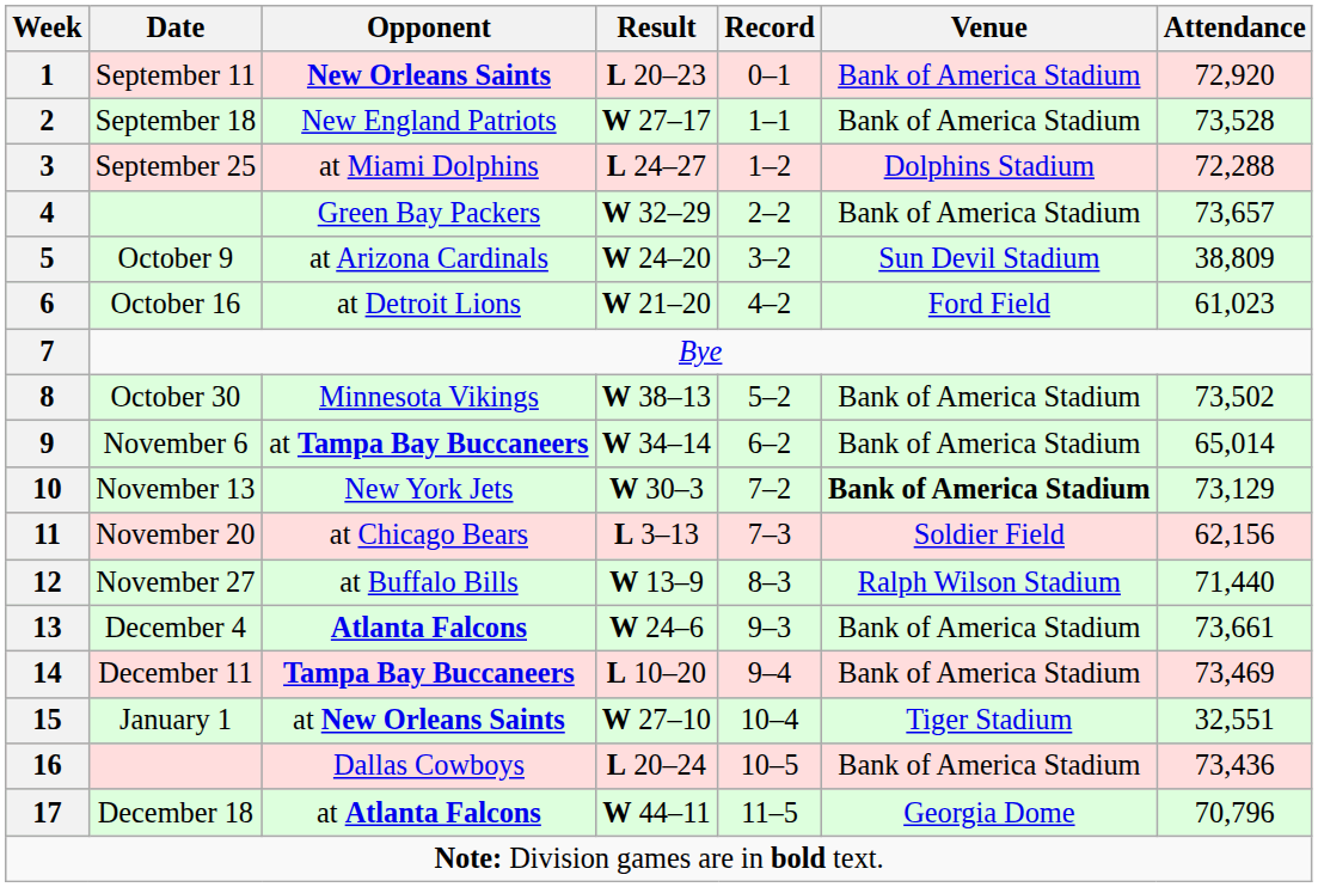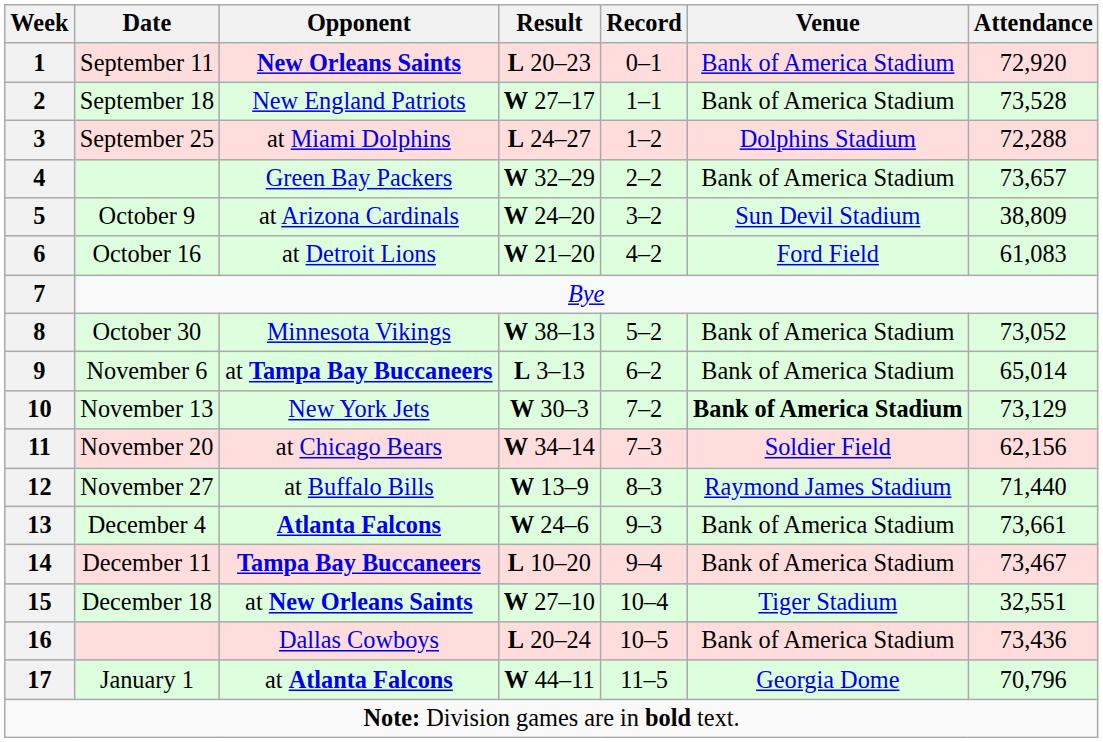 <table class="wikitable" style="text-align:center">
 <tr>
 <th>Week</th>
 <th>Date</th>
 <th>Opponent</th>
 <th>Result</th>
 <th>Record</th>
 <th>Venue</th>
 <th>Attendance</th>
 </tr>
 <tr bgcolor="#FFDDDD">
 <th>1</th>
 <td>September 11</td>
 <td><strong><a href='#'>New Orleans Saints</a></strong></td>
 <td><strong>L</strong> 20–23</td>
 <td>0–1</td>
 <td><a href='#'>Bank of America Stadium</a></td>
 <td>72,920</td>
 </tr>
 <tr bgcolor="#DDFFDD">
 <th>2</th>
 <td>September 18</td>
 <td><a href='#'>New England Patriots</a></td>
 <td><strong>W</strong> 27–17</td>
 <td>1–1</td>
 <td>Bank of America Stadium</td>
 <td>73,528</td>
 </tr>
 <tr bgcolor="#FFDDDD">
 <th>3</th>
 <td>September 25</td>
 <td>at <a href='#'>Miami Dolphins</a></td>
 <td><strong>L</strong> 24–27</td>
 <td>1–2</td>
 <td><a href='#'>Dolphins Stadium</a></td>
 <td>72,288</td>
 </tr>
 <tr bgcolor="#DDFFDD">
 <th>4</th>
 <td></td>
 <td><a href='#'>Green Bay Packers</a></td>
 <td><strong>W</strong> 32–29</td>
 <td>2–2</td>
 <td>Bank of America Stadium</td>
 <td>73,657</td>
 </tr>
 <tr bgcolor="#DDFFDD">
 <th>5</th>
 <td>October 9</td>
 <td>at <a href='#'>Arizona Cardinals</a></td>
 <td><strong>W</strong> 24–20</td>
 <td>3–2</td>
 <td><a href='#'>Sun Devil Stadium</a></td>
 <td>38,809</td>
 </tr>
 <tr bgcolor="#DDFFDD">
 <th>6</th>
 <td>October 16</td>
 <td>at <a href='#'>Detroit Lions</a></td>
 <td><strong>W</strong> 21–20</td>
 <td>4–2</td>
 <td><a href='#'>Ford Field</a></td>
-<td>61,023</td>
+<td>61,083</td>
 </tr>
 <tr>
 <th>7</th>
 <td colspan="6"><em><a href='#'>Bye</a></em></td>
 </tr>
 <tr bgcolor="#DDFFDD">
 <th>8</th>
 <td>October 30</td>
 <td><a href='#'>Minnesota Vikings</a></td>
 <td><strong>W</strong> 38–13</td>
 <td>5–2</td>
 <td>Bank of America Stadium</td>
-<td>73,502</td>
+<td>73,052</td>
 </tr>
 <tr bgcolor="#DDFFDD">
 <th>9</th>
 <td>November 6</td>
 <td>at <strong><a href='#'>Tampa Bay Buccaneers</a></strong></td>
-<td><strong>W</strong> 34–14</td>
+<td><strong>L</strong> 3–13</td>
 <td>6–2</td>
 <td>Bank of America Stadium</td>
 <td>65,014</td>
 </tr>
 <tr bgcolor="#DDFFDD">
 <th>10</th>
 <td>November 13</td>
 <td><a href='#'>New York Jets</a></td>
 <td><strong>W</strong> 30–3</td>
 <td>7–2</td>
 <td><strong>Bank of America Stadium</strong></td>
 <td>73,129</td>
 </tr>
 <tr bgcolor="#FFDDDD">
 <th>11</th>
 <td>November 20</td>
 <td>at <a href='#'>Chicago Bears</a></td>
-<td><strong>L</strong> 3–13</td>
+<td><strong>W</strong> 34–14</td>
 <td>7–3</td>
 <td><a href='#'>Soldier Field</a></td>
 <td>62,156</td>
 </tr>
 <tr bgcolor="#DDFFDD">
 <th>12</th>
 <td>November 27</td>
 <td>at <a href='#'>Buffalo Bills</a></td>
 <td><strong>W</strong> 13–9</td>
 <td>8–3</td>
-<td><a href='#'>Ralph Wilson Stadium</a></td>
+<td><a href='#'>Raymond James Stadium</a></td>
 <td>71,440</td>
 </tr>
 <tr bgcolor="#DDFFDD">
 <th>13</th>
 <td>December 4</td>
 <td><strong><a href='#'>Atlanta Falcons</a></strong></td>
 <td><strong>W</strong> 24–6</td>
 <td>9–3</td>
 <td>Bank of America Stadium</td>
 <td>73,661</td>
 </tr>
 <tr bgcolor="#FFDDDD">
 <th>14</th>
 <td>December 11</td>
 <td><strong><a href='#'>Tampa Bay Buccaneers</a></strong></td>
 <td><strong>L</strong> 10–20</td>
 <td>9–4</td>
 <td>Bank of America Stadium</td>
-<td>73,469</td>
+<td>73,467</td>
 </tr>
 <tr bgcolor="#DDFFDD">
 <th>15</th>
-<td>January 1</td>
+<td>December 18</td>
 <td>at <strong><a href='#'>New Orleans Saints</a></strong></td>
 <td><strong>W</strong> 27–10</td>
 <td>10–4</td>
 <td><a href='#'>Tiger Stadium</a></td>
 <td>32,551</td>
 </tr>
 <tr bgcolor="#FFDDDD">
 <th>16</th>
 <td></td>
 <td><a href='#'>Dallas Cowboys</a></td>
 <td><strong>L</strong> 20–24</td>
 <td>10–5</td>
 <td>Bank of America Stadium</td>
 <td>73,436</td>
 </tr>
 <tr bgcolor="#DDFFDD">
 <th>17</th>
-<td>December 18</td>
+<td>January 1</td>
 <td>at <strong><a href='#'>Atlanta Falcons</a></strong></td>
 <td><strong>W</strong> 44–11</td>
 <td>11–5</td>
 <td><a href='#'>Georgia Dome</a></td>
 <td>70,796</td>
 </tr>
 <tr>
 <td colspan="7"><strong>Note:</strong> Division games are in <strong>bold</strong> text.</td>
 </tr>
 </table>
